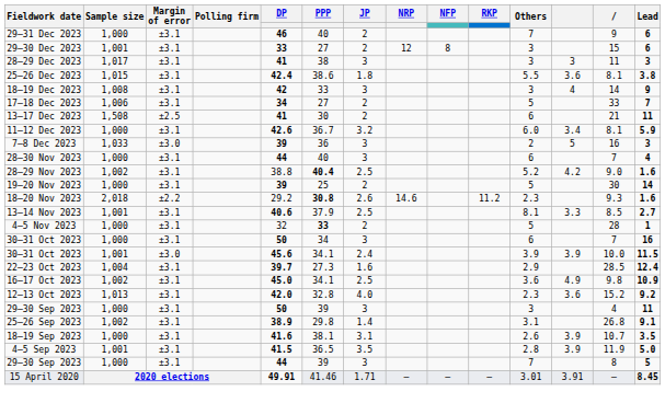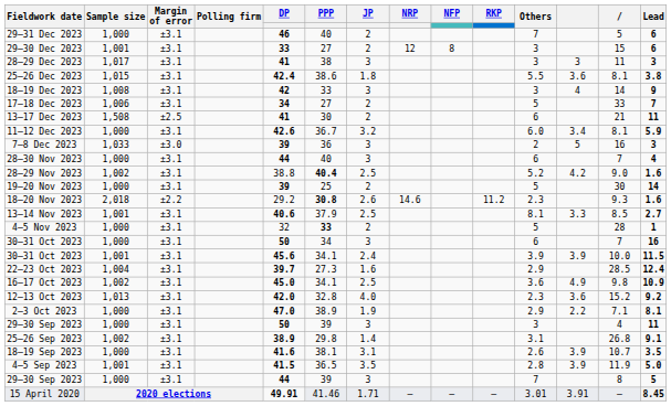 <table class="wikitable mw-datatable sortable mw-collapsible" style="text-align:center; line-height:14px">
 <tr>
 <th class="unsortable" rowspan="2">Fieldwork date</th>
 <th class="unsortable" rowspan="2">Sample size</th>
 <th class="unsortable" rowspan="2">Margin<br>of error</th>
 <th class="unsortable" rowspan="2">Polling firm</th>
 <th class="unsortable" style="width:55px"><a href='#'>DP</a></th>
 <th class="unsortable" style="width:55px"><a href='#'>PPP</a></th>
 <th class="unsortable" style="width:55px"><a href='#'>JP</a></th>
 <th class="unsortable" style="width:55px"><a href='#'>NRP</a></th>
 <th class="unsortable" style="width:55px"><a href='#'>NFP</a></th>
 <th class="unsortable" style="width:55px"><a href='#'>RKP</a></th>
 <th rowspan="2" class="unsortable" style="width:55px">Others</th>
 <th rowspan="2" class="unsortable" style="width:55px"></th>
 <th rowspan="2" class="unsortable" style="width:55px">/<br></th>
 <th rowspan="2" class="unsortable">Lead</th>
 </tr>
 <tr>
 <th style="background:"></th>
 <th style="background:"></th>
 <th style="background:"></th>
 <th style="background:"></th>
 <th style="background:#45BABD;"></th>
 <th style="background:#0073CF;"></th>
 </tr>
 <tr>
 <td data-sort-value="2023-12-31">29–31 Dec 2023</td>
 <td>1,000</td>
 <td>±3.1</td>
 <td></td>
 <td><strong>46</strong></td>
 <td>40</td>
 <td>2</td>
 <td></td>
 <td></td>
 <td></td>
 <td>7</td>
 <td></td>
-<td>9</td>
+<td>5</td>
 <td style="background:"><strong>6</strong></td>
 </tr>
 <tr>
 <td data-sort-value="2023-12-30">29–30 Dec 2023</td>
 <td>1,001</td>
 <td>±3.1</td>
 <td></td>
 <td><strong>33</strong></td>
 <td>27</td>
 <td>2</td>
 <td>12</td>
 <td>8</td>
 <td></td>
 <td>3</td>
 <td></td>
 <td>15</td>
 <td style="background:"><strong>6</strong></td>
 </tr>
 <tr>
 <td data-sort-value="2023-12-29">28–29 Dec 2023</td>
 <td>1,017</td>
 <td>±3.1</td>
 <td></td>
 <td><strong>41</strong></td>
 <td>38</td>
 <td>3</td>
 <td></td>
 <td></td>
 <td></td>
 <td>3</td>
 <td>3</td>
 <td>11</td>
 <td style="background:"><strong>3</strong></td>
 </tr>
 <tr>
 <td data-sort-value="2023-12-26">25–26 Dec 2023</td>
 <td>1,015</td>
 <td>±3.1</td>
 <td></td>
 <td><strong>42.4</strong></td>
 <td>38.6</td>
 <td>1.8</td>
 <td></td>
 <td></td>
 <td></td>
 <td>5.5</td>
 <td>3.6</td>
 <td>8.1</td>
 <td style="background:"><strong>3.8</strong></td>
 </tr>
 <tr>
 <td data-sort-value="2023-12-19">18–19 Dec 2023</td>
 <td>1,008</td>
 <td>±3.1</td>
 <td></td>
 <td><strong>42</strong></td>
 <td>33</td>
 <td>3</td>
 <td></td>
 <td></td>
 <td></td>
 <td>3</td>
 <td>4</td>
 <td>14</td>
 <td style="background:"><strong>9</strong></td>
 </tr>
 <tr>
 <td data-sort-value="2023-12-18">17–18 Dec 2023</td>
 <td>1,006</td>
 <td>±3.1</td>
 <td></td>
 <td><strong>34</strong></td>
 <td>27</td>
 <td>2</td>
 <td></td>
 <td></td>
 <td></td>
 <td>5</td>
 <td></td>
 <td>33</td>
 <td style="background:"><strong>7</strong></td>
 </tr>
 <tr>
 <td data-sort-value="2023-12-17">13–17 Dec 2023</td>
 <td>1,508</td>
 <td>±2.5</td>
 <td></td>
 <td><strong>41</strong></td>
 <td>30</td>
 <td>2</td>
 <td></td>
 <td></td>
 <td></td>
 <td>6</td>
 <td></td>
 <td>21</td>
 <td style="background:"><strong>11</strong></td>
 </tr>
 <tr>
 <td data-sort-value="2023-12-12">11–12 Dec 2023</td>
 <td>1,000</td>
 <td>±3.1</td>
 <td></td>
 <td><strong>42.6</strong></td>
 <td>36.7</td>
 <td>3.2</td>
 <td></td>
 <td></td>
 <td></td>
 <td>6.0</td>
 <td>3.4</td>
 <td>8.1</td>
 <td style="background:"><strong>5.9</strong></td>
 </tr>
 <tr>
 <td data-sort-value="2023-12-08">7–8 Dec 2023</td>
 <td>1,033</td>
 <td>±3.0</td>
 <td></td>
 <td><strong>39</strong></td>
 <td>36</td>
 <td>3</td>
 <td></td>
 <td></td>
 <td></td>
 <td>2</td>
 <td>5</td>
 <td>16</td>
 <td style="background:"><strong>3</strong></td>
 </tr>
 <tr>
 <td data-sort-value="2023-11-30">28–30 Nov 2023</td>
 <td>1,000</td>
 <td>±3.1</td>
 <td></td>
 <td><strong>44</strong></td>
 <td>40</td>
 <td>3</td>
 <td></td>
 <td></td>
 <td></td>
 <td>6</td>
 <td></td>
 <td>7</td>
 <td style="background:"><strong>4</strong></td>
 </tr>
 <tr>
 <td data-sort-value="2023-11-29">28–29 Nov 2023</td>
 <td>1,002</td>
 <td>±3.1</td>
 <td></td>
 <td>38.8</td>
 <td><strong>40.4</strong></td>
 <td>2.5</td>
 <td></td>
 <td></td>
 <td></td>
 <td>5.2</td>
 <td>4.2</td>
 <td>9.0</td>
 <td style="background:"><strong>1.6</strong></td>
 </tr>
 <tr>
 <td data-sort-value="2023-11-20">19–20 Nov 2023</td>
 <td>1,000</td>
 <td>±3.1</td>
 <td></td>
 <td><strong>39</strong></td>
 <td>25</td>
 <td>2</td>
 <td></td>
 <td></td>
 <td></td>
 <td>5</td>
 <td></td>
 <td>30</td>
 <td style="background:"><strong>14</strong></td>
 </tr>
 <tr>
 <td data-sort-value="2023-11-20">18–20 Nov 2023</td>
 <td>2,018</td>
 <td>±2.2</td>
 <td></td>
 <td>29.2</td>
 <td><strong>30.8</strong></td>
 <td>2.6</td>
 <td>14.6</td>
 <td></td>
 <td>11.2</td>
 <td>2.3</td>
 <td></td>
 <td>9.3</td>
 <td style="background:"><strong>1.6</strong></td>
 </tr>
 <tr>
 <td data-sort-value="2023-11-14">13–14 Nov 2023</td>
 <td>1,001</td>
 <td>±3.1</td>
 <td></td>
 <td><strong>40.6</strong></td>
 <td>37.9</td>
 <td>2.5</td>
 <td></td>
 <td></td>
 <td></td>
 <td>8.1</td>
 <td>3.3</td>
 <td>8.5</td>
 <td style="background:"><strong>2.7</strong></td>
 </tr>
 <tr>
 <td data-sort-value="2023-11-5">4–5 Nov 2023</td>
 <td>1,000</td>
 <td>±3.1</td>
 <td></td>
 <td>32</td>
 <td><strong>33</strong></td>
 <td>2</td>
 <td></td>
 <td></td>
 <td></td>
 <td>5</td>
 <td></td>
 <td>28</td>
 <td style="background:"><strong>1</strong></td>
 </tr>
 <tr>
 <td data-sort-value="2023-10-31">30–31 Oct 2023</td>
 <td>1,000</td>
 <td>±3.1</td>
 <td></td>
 <td><strong>50</strong></td>
 <td>34</td>
 <td>3</td>
 <td></td>
 <td></td>
 <td></td>
 <td>6</td>
 <td></td>
 <td>7</td>
 <td style="background:"><strong>16</strong></td>
 </tr>
 <tr>
 <td data-sort-value="2023-10-31">30–31 Oct 2023</td>
 <td>1,001</td>
-<td>±3.0</td>
+<td>±3.1</td>
 <td></td>
 <td><strong>45.6</strong></td>
 <td>34.1</td>
 <td>2.4</td>
 <td></td>
 <td></td>
 <td></td>
 <td>3.9</td>
 <td>3.9</td>
 <td>10.0</td>
 <td style="background:"><strong>11.5</strong></td>
 </tr>
 <tr>
 <td data-sort-value="2023-10-23">22–23 Oct 2023</td>
 <td>1,004</td>
 <td>±3.1</td>
 <td></td>
 <td><strong>39.7</strong></td>
 <td>27.3</td>
 <td>1.6</td>
 <td></td>
 <td></td>
 <td></td>
 <td>2.9</td>
 <td></td>
 <td>28.5</td>
 <td style="background:"><strong>12.4</strong></td>
 </tr>
 <tr>
 <td data-sort-value="2023-10-17">16–17 Oct 2023</td>
 <td>1,002</td>
 <td>±3.1</td>
 <td></td>
 <td><strong>45.0</strong></td>
 <td>34.1</td>
 <td>2.5</td>
 <td></td>
 <td></td>
 <td></td>
 <td>3.6</td>
 <td>4.9</td>
 <td>9.8</td>
 <td style="background:"><strong>10.9</strong></td>
 </tr>
 <tr>
 <td data-sort-value="2023-10-13">12–13 Oct 2023</td>
 <td>1,013</td>
 <td>±3.1</td>
 <td></td>
 <td><strong>42.0</strong></td>
 <td>32.8</td>
 <td>4.0</td>
 <td></td>
 <td></td>
 <td></td>
 <td>2.3</td>
 <td>3.6</td>
 <td>15.2</td>
 <td style="background:"><strong>9.2</strong></td>
+</tr>
+<tr>
+<td data-sort-value="2023-10-3">2–3 Oct 2023</td>
+<td>1,000</td>
+<td>±3.1</td>
+<td></td>
+<td><strong>47.0</strong></td>
+<td>38.9</td>
+<td>1.9</td>
+<td></td>
+<td></td>
+<td></td>
+<td>2.9</td>
+<td>2.2</td>
+<td>7.1</td>
+<td style="background:"><strong>8.1</strong></td>
 </tr>
 <tr>
 <td data-sort-value="2023-9-30">29–30 Sep 2023</td>
 <td>1,000</td>
 <td>±3.1</td>
 <td></td>
 <td><strong>50</strong></td>
 <td>39</td>
 <td>3</td>
 <td></td>
 <td></td>
 <td></td>
 <td>3</td>
 <td></td>
 <td>4</td>
 <td style="background:"><strong>11</strong></td>
 </tr>
 <tr>
 <td data-sort-value="2023-09-26">25–26 Sep 2023</td>
 <td>1,002</td>
 <td>±3.1</td>
 <td></td>
 <td><strong>38.9</strong></td>
 <td>29.8</td>
 <td>1.4</td>
 <td></td>
 <td></td>
 <td></td>
 <td>3.1</td>
 <td></td>
 <td>26.8</td>
 <td style="background:"><strong>9.1</strong></td>
 </tr>
 <tr>
 <td data-sort-value="2023-9-19">18–19 Sep 2023</td>
 <td>1,000</td>
 <td>±3.1</td>
 <td></td>
 <td><strong>41.6</strong></td>
 <td>38.1</td>
 <td>3.1</td>
 <td></td>
 <td></td>
 <td></td>
 <td>2.6</td>
 <td>3.9</td>
 <td>10.7</td>
 <td style="background:"><strong>3.5</strong></td>
 </tr>
 <tr>
 <td data-sort-value="2023-9-5">4–5 Sep 2023</td>
 <td>1,001</td>
 <td>±3.1</td>
 <td></td>
 <td><strong>41.5</strong></td>
 <td>36.5</td>
 <td>3.5</td>
 <td></td>
 <td></td>
 <td></td>
 <td>2.8</td>
 <td>3.9</td>
 <td>11.9</td>
 <td style="background:"><strong>5.0</strong></td>
 </tr>
 <tr>
 <td data-sort-value="2023-8-31">29–30 Sep 2023</td>
 <td>1,000</td>
 <td>±3.1</td>
 <td></td>
 <td><strong>44</strong></td>
 <td>39</td>
 <td>3</td>
 <td></td>
 <td></td>
 <td></td>
 <td>7</td>
 <td></td>
 <td>8</td>
 <td style="background:"><strong>5</strong></td>
 </tr>
 <tr>
 <td style="background:#EAECF0;" data-sort-value="2020-04-15">15 April 2020</td>
 <th colspan=3><a href='#'>2020 elections</a></th>
 <td><strong>49.91</strong></td>
 <td style="background:#EAECF0;">41.46</td>
 <td style="background:#EAECF0;">1.71</td>
 <td style="background:#EAECF0;">—</td>
 <td style="background:#EAECF0;">—</td>
 <td style="background:#EAECF0;">—</td>
 <td style="background:#EAECF0;">3.01</td>
 <td style="background:#EAECF0;">3.91</td>
 <td style="background:#EAECF0;">—</td>
 <th style="background:">8.45</th>
 </tr>
 </table>
